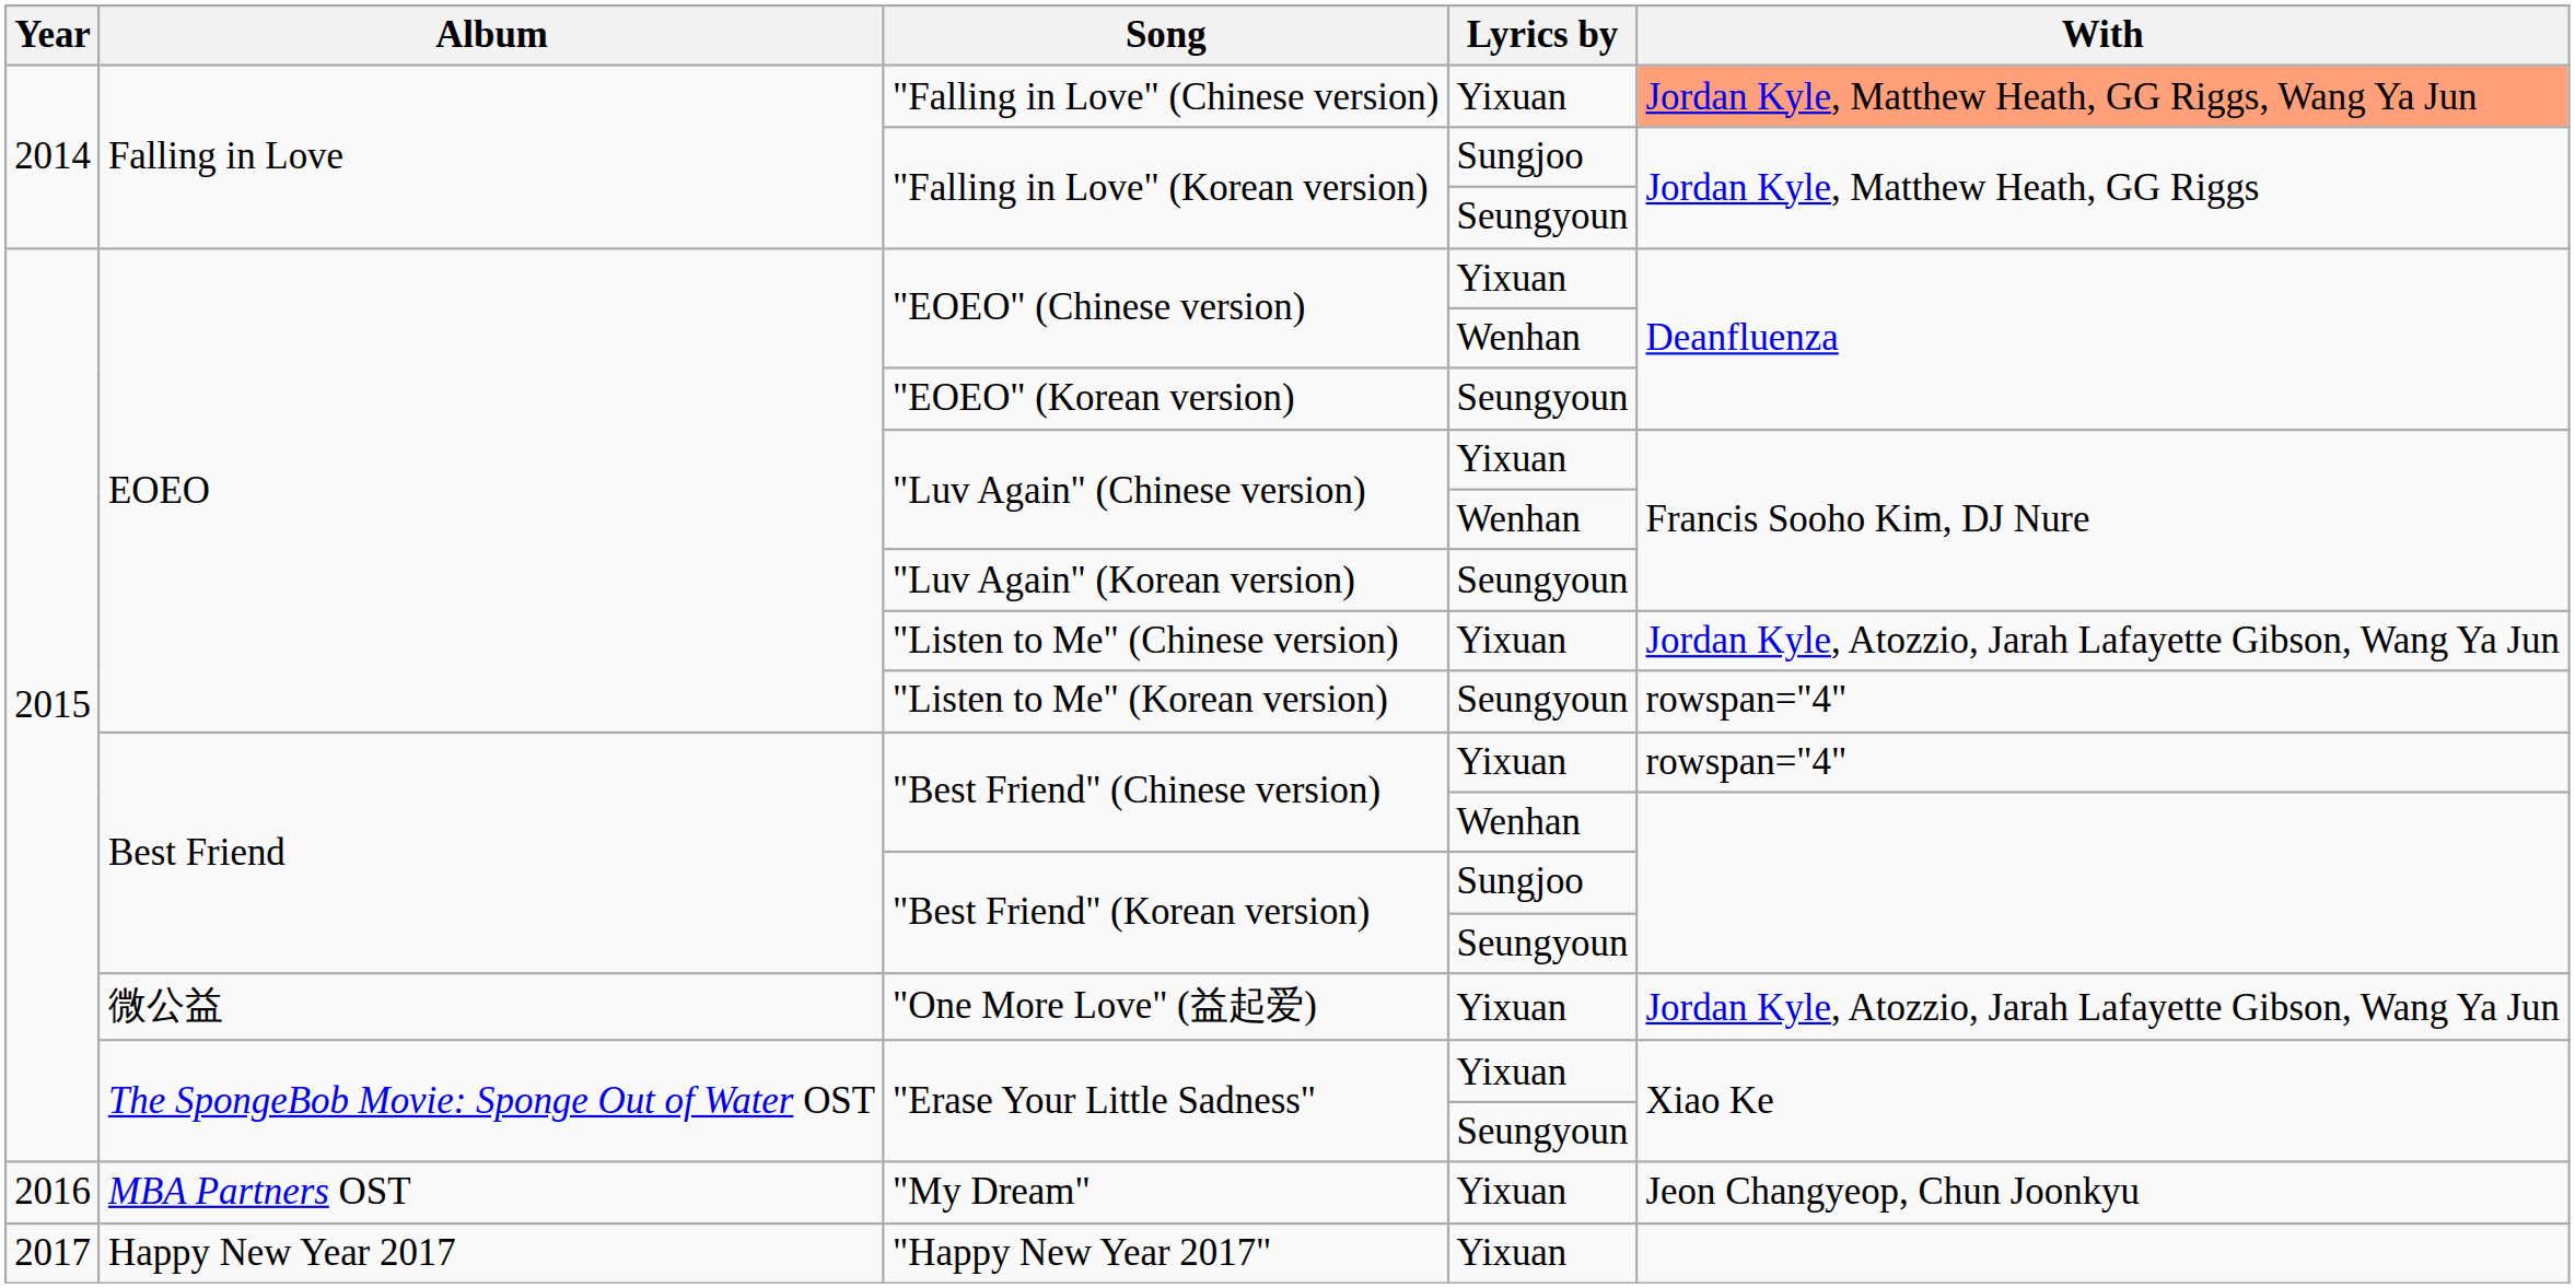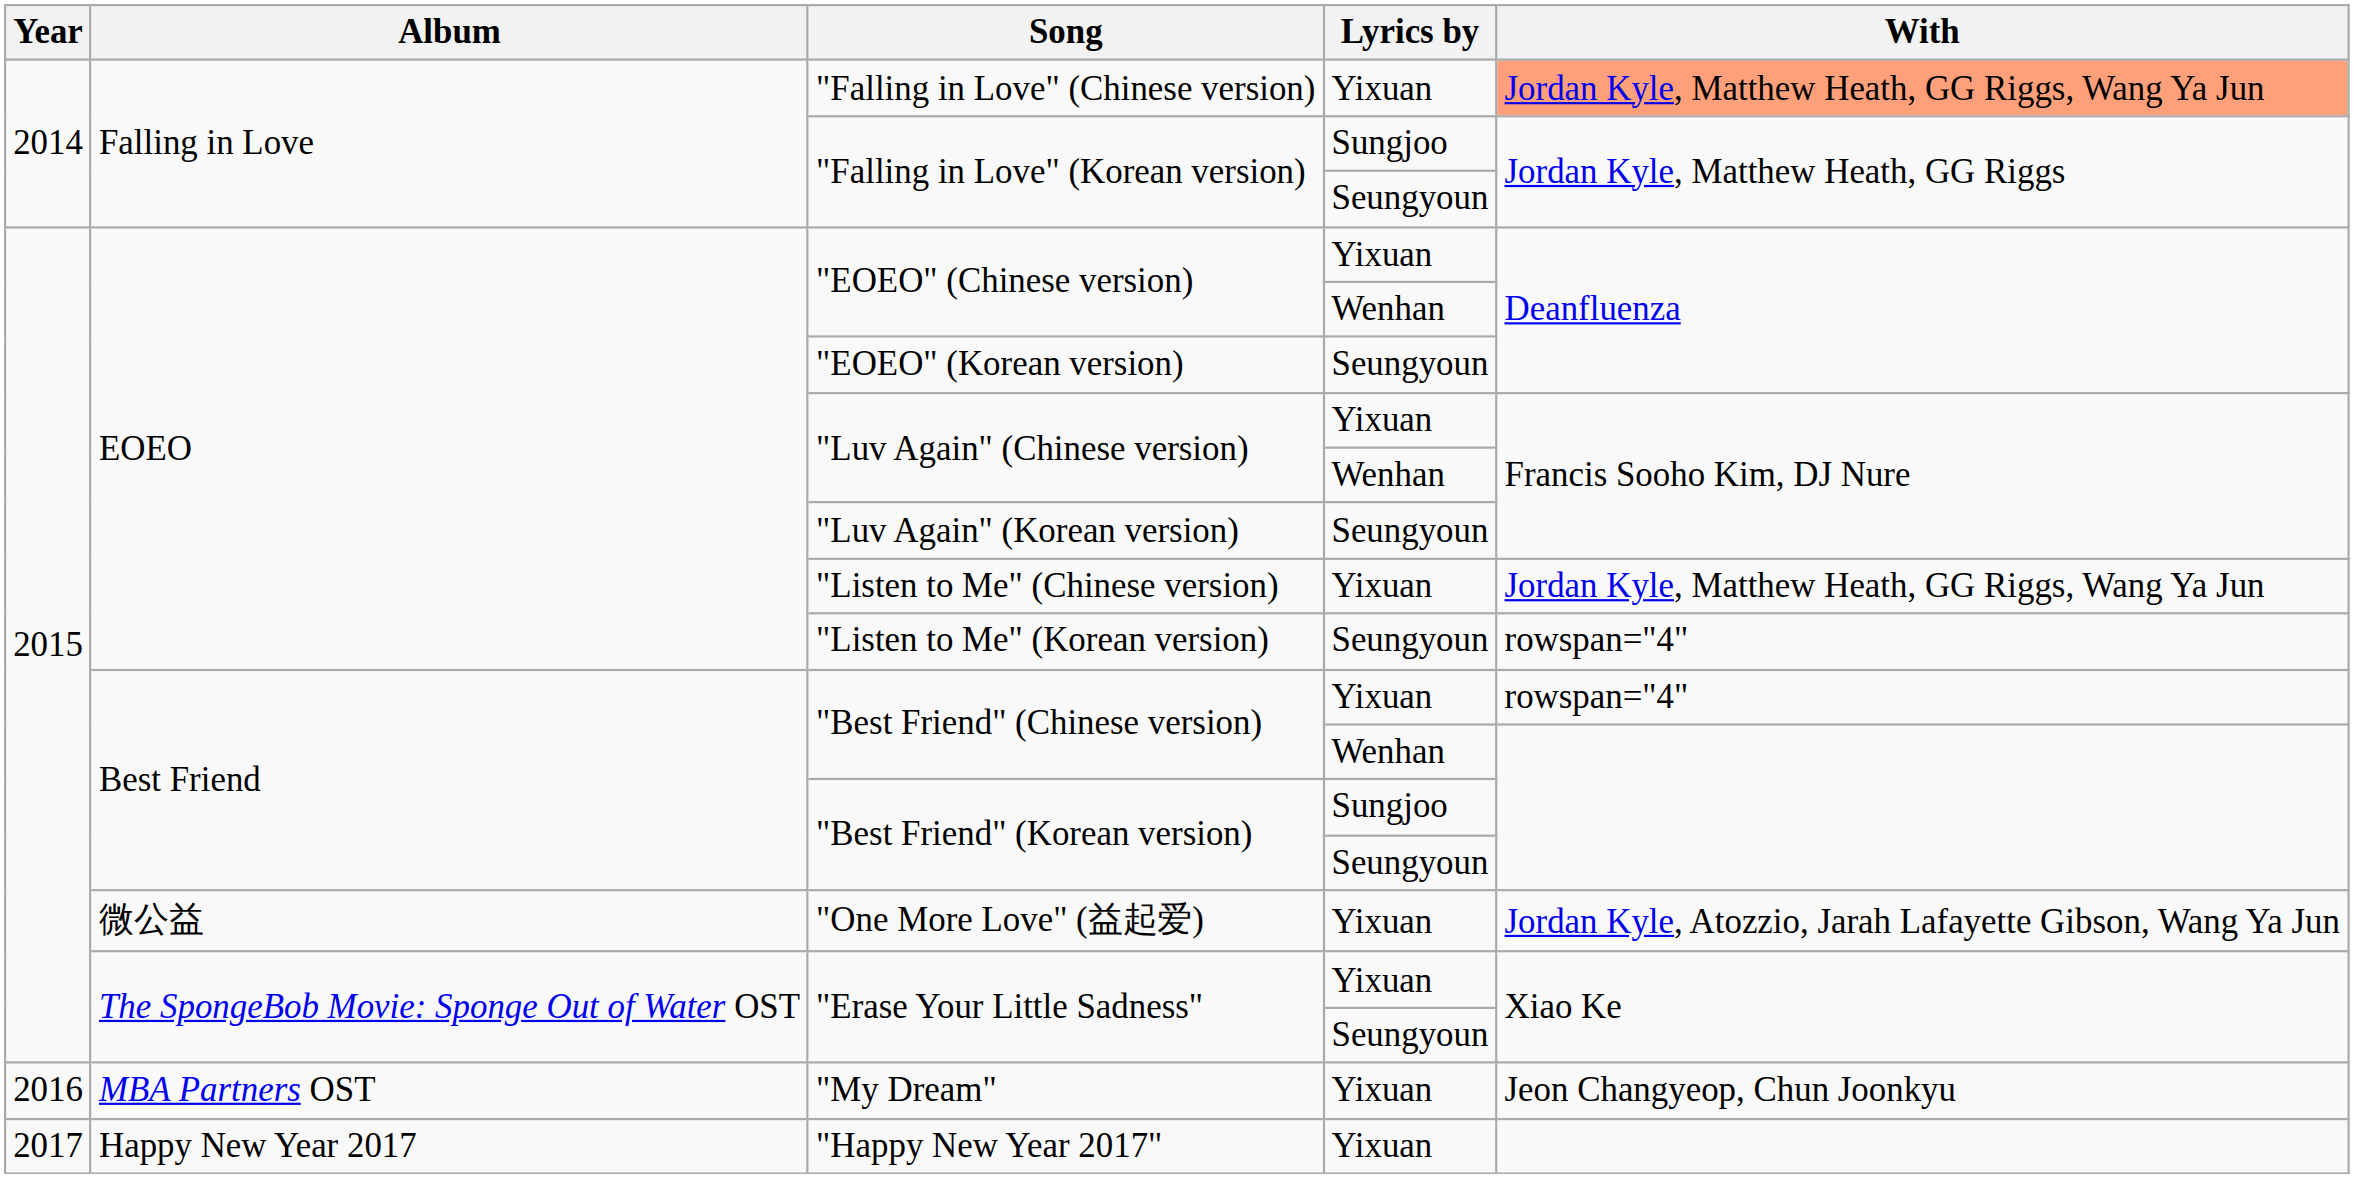 <table class="wikitable">
 <tr>
 <th>Year</th>
 <th>Album</th>
 <th>Song</th>
 <th>Lyrics by</th>
 <th>With</th>
 </tr>
 <tr>
 <td rowspan="3">2014</td>
 <td rowspan="3">Falling in Love</td>
 <td>"Falling in Love" (Chinese version)</td>
 <td>Yixuan</td>
 <td style="background: lightsalmon;"><a href='#'>Jordan Kyle</a>, Matthew Heath, GG Riggs, Wang Ya Jun</td>
 </tr>
 <tr>
 <td rowspan="2">"Falling in Love" (Korean version)</td>
 <td>Sungjoo</td>
 <td rowspan="2"><a href='#'>Jordan Kyle</a>, Matthew Heath, GG Riggs</td>
 </tr>
 <tr>
 <td>Seungyoun</td>
 </tr>
 <tr>
 <td rowspan="15">2015</td>
 <td rowspan="8">EOEO</td>
 <td rowspan="2">"EOEO" (Chinese version)</td>
 <td>Yixuan</td>
 <td rowspan="3"><a href='#'>Deanfluenza</a></td>
 </tr>
 <tr>
 <td>Wenhan</td>
 </tr>
 <tr>
 <td>"EOEO" (Korean version)</td>
 <td>Seungyoun</td>
 </tr>
 <tr>
 <td rowspan="2">"Luv Again" (Chinese version)</td>
 <td>Yixuan</td>
 <td rowspan="3">Francis Sooho Kim, DJ Nure</td>
 </tr>
 <tr>
 <td>Wenhan</td>
 </tr>
 <tr>
 <td>"Luv Again" (Korean version)</td>
 <td>Seungyoun</td>
 </tr>
 <tr>
 <td>"Listen to Me" (Chinese version)</td>
 <td>Yixuan</td>
-<td><a href='#'>Jordan Kyle</a>, Atozzio, Jarah Lafayette Gibson, Wang Ya Jun</td>
+<td><a href='#'>Jordan Kyle</a>, Matthew Heath, GG Riggs, Wang Ya Jun</td>
 </tr>
 <tr>
 <td>"Listen to Me" (Korean version)</td>
 <td>Seungyoun</td>
 <td>rowspan="4" </td>
 </tr>
 <tr>
 <td rowspan="4">Best Friend</td>
 <td rowspan="2">"Best Friend" (Chinese version)</td>
 <td>Yixuan</td>
 <td>rowspan="4" </td>
 </tr>
 <tr>
 <td>Wenhan</td>
 </tr>
 <tr>
 <td rowspan="2">"Best Friend" (Korean version)</td>
 <td>Sungjoo</td>
 </tr>
 <tr>
 <td>Seungyoun</td>
 </tr>
 <tr>
 <td>微公益</td>
 <td>"One More Love" (益起爱)</td>
 <td>Yixuan</td>
 <td><a href='#'>Jordan Kyle</a>, Atozzio, Jarah Lafayette Gibson, Wang Ya Jun</td>
 </tr>
 <tr>
 <td rowspan="2"><em><a href='#'>The SpongeBob Movie: Sponge Out of Water</a></em> OST</td>
 <td rowspan="2">"Erase Your Little Sadness"</td>
 <td>Yixuan</td>
 <td rowspan="2">Xiao Ke</td>
 </tr>
 <tr>
 <td>Seungyoun</td>
 </tr>
 <tr>
 <td>2016</td>
 <td><em><a href='#'>MBA Partners</a></em> OST</td>
 <td>"My Dream"</td>
 <td>Yixuan</td>
 <td>Jeon Changyeop, Chun Joonkyu</td>
 </tr>
 <tr>
 <td>2017</td>
 <td>Happy New Year 2017</td>
 <td>"Happy New Year 2017"</td>
 <td>Yixuan</td>
 <td></td>
 </tr>
 </table>
